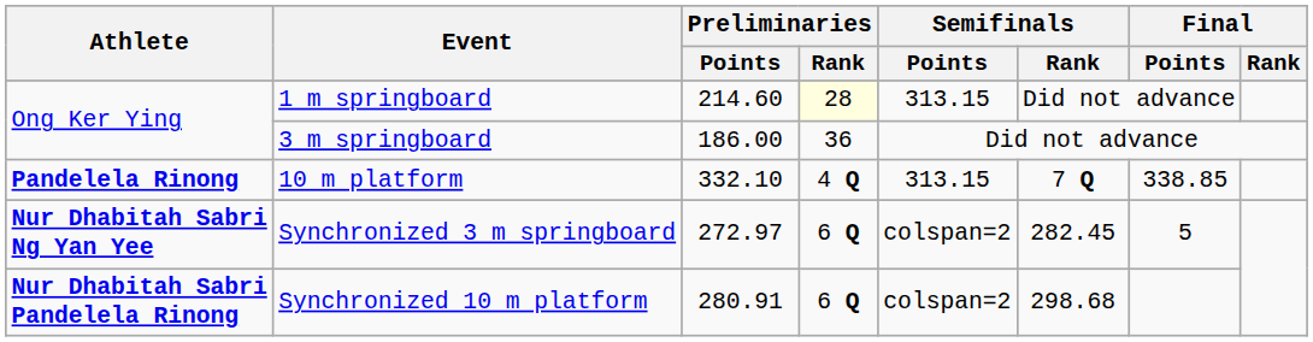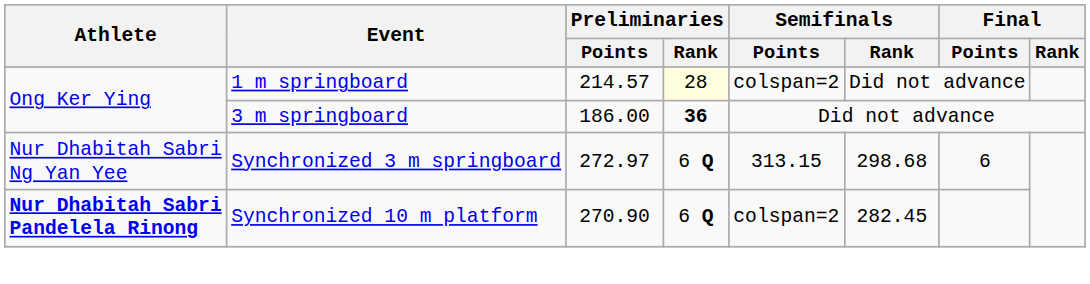 <table class=wikitable style="font-size:90%;">
 <tr>
 <th rowspan="2">Athlete</th>
 <th rowspan="2">Event</th>
 <th colspan="2">Preliminaries</th>
 <th colspan="2">Semifinals</th>
 <th colspan="2">Final</th>
 </tr>
 <tr style="font-size:95%">
 <th>Points</th>
 <th>Rank</th>
 <th>Points</th>
 <th>Rank</th>
 <th>Points</th>
 <th>Rank</th>
 </tr>
 <tr align=center>
 <td align=left rowspan=2><a href='#'>Ong Ker Ying</a></td>
 <td align=left><a href='#'>1 m springboard</a></td>
-<td>214.60</td>
+<td>214.57</td>
 <td style="background: lightyellow;">28</td>
-<td>313.15</td>
+<td>colspan=2 </td>
 <td colspan=2>Did not advance</td>
 </tr>
 <tr align=center>
 <td align=left><a href='#'>3 m springboard</a></td>
 <td>186.00</td>
-<td>36</td>
+<td><strong>36</strong></td>
 <td colspan=4>Did not advance</td>
 </tr>
 <tr align=center>
-<td align=left><strong><a href='#'>Pandelela Rinong</a></strong></td>
-<td align=left><a href='#'>10 m platform</a></td>
-<td>332.10</td>
-<td>4 <strong>Q</strong></td>
-<td>313.15</td>
-<td>7 <strong>Q</strong></td>
-<td>338.85</td>
-<td></td>
-</tr>
-<tr align=center>
-<td align=left><strong><a href='#'>Nur Dhabitah Sabri</a><br><a href='#'>Ng Yan Yee</a></strong></td>
+<td align=left><a href='#'>Nur Dhabitah Sabri</a><br><a href='#'>Ng Yan Yee</a></td>
 <td align=left><a href='#'>Synchronized 3 m springboard</a></td>
 <td>272.97</td>
 <td>6 <strong>Q</strong></td>
-<td>colspan=2 </td>
-<td>282.45</td>
-<td>5</td>
+<td>313.15</td>
+<td>298.68</td>
+<td>6</td>
 </tr>
 <tr align=center>
 <td align=left><strong><a href='#'>Nur Dhabitah Sabri</a><br><a href='#'>Pandelela Rinong</a></strong></td>
 <td align=left><a href='#'>Synchronized 10 m platform</a></td>
-<td>280.91</td>
+<td>270.90</td>
 <td>6 <strong>Q</strong></td>
 <td>colspan=2 </td>
-<td>298.68</td>
+<td>282.45</td>
 <td></td>
 </tr>
 </table>
